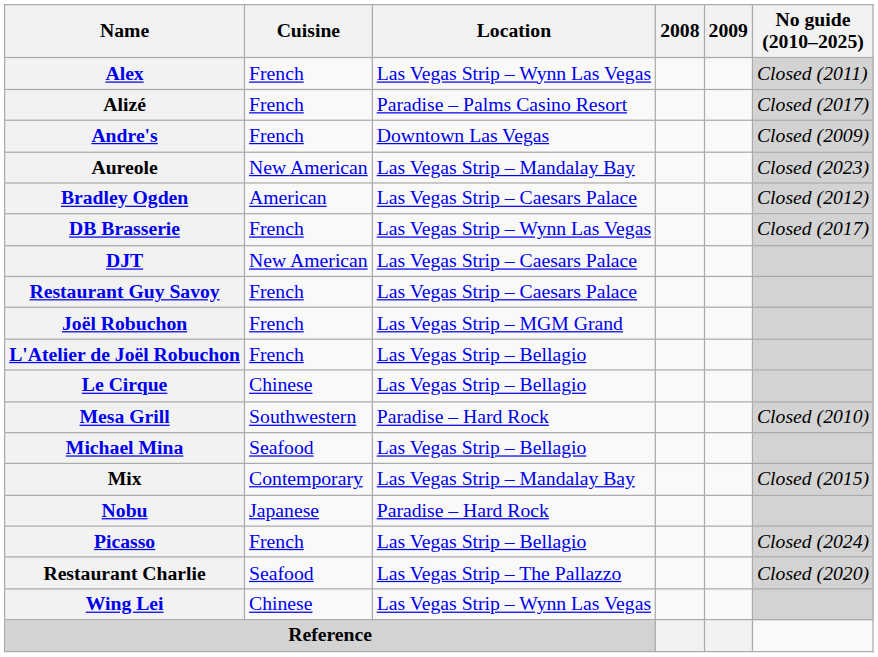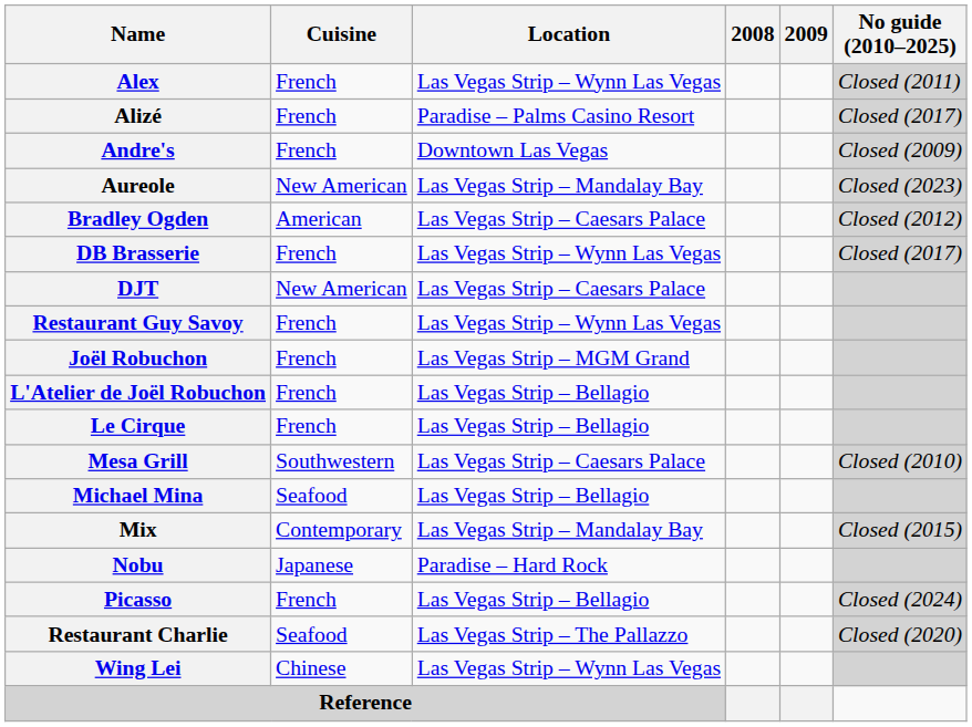 <table class="wikitable sortable plainrowheaders" style="text-align:left;">
 <tr>
 <th scope="col">Name</th>
 <th scope="col">Cuisine</th>
 <th scope="col">Location</th>
 <th scope="col">2008</th>
 <th scope="col">2009</th>
 <th scope="col">No guide<br> (2010–2025)</th>
 </tr>
 <tr>
 <th scope="row"><a href='#'>Alex</a></th>
 <td><a href='#'>French</a></td>
 <td><a href='#'>Las Vegas Strip – Wynn Las Vegas</a></td>
 <td></td>
 <td></td>
 <td colspan="1" style="background:lightgray"><em>Closed (2011)</em></td>
 </tr>
 <tr>
 <th scope="row">Alizé</th>
 <td><a href='#'>French</a></td>
 <td><a href='#'>Paradise – Palms Casino Resort</a></td>
 <td></td>
 <td></td>
 <td colspan="1" style="background:lightgray"><em>Closed (2017)</em></td>
 </tr>
 <tr>
 <th scope="row"><a href='#'>Andre's</a></th>
 <td><a href='#'>French</a></td>
 <td><a href='#'>Downtown Las Vegas</a></td>
 <td></td>
 <td></td>
 <td colspan="1" style="background:lightgray"><em>Closed (2009)</em></td>
 </tr>
 <tr>
 <th scope="row">Aureole</th>
 <td><a href='#'>New American</a></td>
 <td><a href='#'>Las Vegas Strip – Mandalay Bay</a></td>
 <td></td>
 <td></td>
 <td colspan="1" style="background:lightgray"><em>Closed (2023)</em></td>
 </tr>
 <tr>
 <th scope="row"><a href='#'>Bradley Ogden</a></th>
 <td><a href='#'>American</a></td>
 <td><a href='#'>Las Vegas Strip – Caesars Palace</a></td>
 <td></td>
 <td></td>
 <td colspan="1" style="background:lightgray"><em>Closed (2012)</em></td>
 </tr>
 <tr>
 <th scope="row"><a href='#'>DB Brasserie</a></th>
 <td><a href='#'>French</a></td>
 <td><a href='#'>Las Vegas Strip – Wynn Las Vegas</a></td>
 <td></td>
 <td></td>
 <td colspan="1" style="background:lightgray"><em>Closed (2017)</em></td>
 </tr>
 <tr>
 <th scope="row"><a href='#'>DJT</a></th>
 <td><a href='#'>New American</a></td>
 <td><a href='#'>Las Vegas Strip – Caesars Palace</a></td>
 <td></td>
 <td></td>
 <td colspan="1" style="background:lightgray"></td>
 </tr>
 <tr>
 <th scope="row"><a href='#'>Restaurant Guy Savoy</a></th>
 <td><a href='#'>French</a></td>
-<td><a href='#'>Las Vegas Strip – Caesars Palace</a></td>
+<td><a href='#'>Las Vegas Strip – Wynn Las Vegas</a></td>
 <td></td>
 <td></td>
 <td colspan="1" style="background:lightgray"></td>
 </tr>
 <tr>
 <th scope="row"><a href='#'>Joël Robuchon</a></th>
 <td><a href='#'>French</a></td>
 <td><a href='#'>Las Vegas Strip – MGM Grand</a></td>
 <td></td>
 <td></td>
 <td colspan="1" style="background:lightgray"></td>
 </tr>
 <tr>
 <th scope="row"><a href='#'>L'Atelier de Joël Robuchon</a></th>
 <td><a href='#'>French</a></td>
 <td><a href='#'>Las Vegas Strip – Bellagio</a></td>
 <td></td>
 <td></td>
 <td colspan="1" style="background:lightgray"></td>
 </tr>
 <tr>
 <th scope="row"><a href='#'>Le Cirque</a></th>
-<td><a href='#'>Chinese</a></td>
+<td><a href='#'>French</a></td>
 <td><a href='#'>Las Vegas Strip – Bellagio</a></td>
 <td></td>
 <td></td>
 <td colspan="1" style="background:lightgray"></td>
 </tr>
 <tr>
 <th scope="row"><a href='#'>Mesa Grill</a></th>
 <td><a href='#'>Southwestern</a></td>
-<td><a href='#'>Paradise – Hard Rock</a> </td>
+<td><a href='#'>Las Vegas Strip – Caesars Palace</a></td>
 <td></td>
 <td></td>
 <td colspan="1" style="background:lightgray"><em>Closed (2010)</em></td>
 </tr>
 <tr>
 <th scope="row"><a href='#'>Michael Mina</a></th>
 <td><a href='#'>Seafood</a></td>
 <td><a href='#'>Las Vegas Strip – Bellagio</a></td>
 <td></td>
 <td></td>
 <td colspan="1" style="background:lightgray"></td>
 </tr>
 <tr>
 <th scope="row">Mix</th>
 <td><a href='#'>Contemporary</a></td>
 <td><a href='#'>Las Vegas Strip – Mandalay Bay</a></td>
 <td></td>
 <td></td>
 <td colspan="1" style="background:lightgray"><em>Closed (2015)</em></td>
 </tr>
 <tr>
 <th scope="row"><a href='#'>Nobu</a></th>
 <td><a href='#'>Japanese</a></td>
 <td><a href='#'>Paradise – Hard Rock</a> </td>
 <td></td>
 <td></td>
 <td colspan="1" style="background:lightgray"></td>
 </tr>
 <tr>
 <th scope="row"><a href='#'>Picasso</a></th>
 <td><a href='#'>French</a></td>
 <td><a href='#'>Las Vegas Strip – Bellagio</a></td>
 <td></td>
 <td></td>
 <td colspan="1" style="background:lightgray"><em>Closed (2024)</em></td>
 </tr>
 <tr>
 <th scope="row">Restaurant Charlie</th>
 <td><a href='#'>Seafood</a></td>
 <td><a href='#'>Las Vegas Strip – The Pallazzo</a></td>
 <td></td>
 <td></td>
 <td colspan="1" style="background:lightgray"><em>Closed (2020)</em></td>
 </tr>
 <tr>
 <th scope="row"><a href='#'>Wing Lei</a></th>
 <td><a href='#'>Chinese</a></td>
 <td><a href='#'>Las Vegas Strip – Wynn Las Vegas</a></td>
 <td></td>
 <td></td>
 <td colspan="1" style="background:lightgray"></td>
 </tr>
 <tr>
 <th colspan="3" style="text-align: center;background: lightgray;">Reference</th>
 <th></th>
 <th></th>
 </tr>
 </table>
